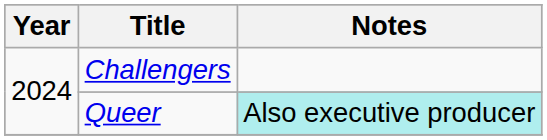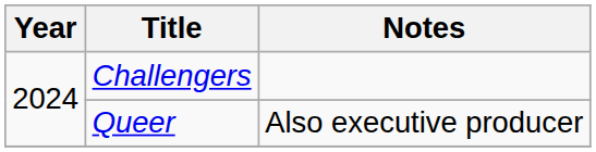 <table class="wikitable plainrowheaders">
 <tr>
 <th scope="col">Year</th>
 <th scope="col">Title</th>
 <th scope="col">Notes</th>
 </tr>
 <tr>
 <td rowspan="2">2024</td>
 <td><em><a href='#'>Challengers</a></em></td>
 <td></td>
 </tr>
 <tr>
 <td><em><a href='#'>Queer</a></em></td>
-<td style="background: paleturquoise;">Also executive producer</td>
+<td>Also executive producer</td>
 </tr>
 <tr>
 </tr>
 </table>
